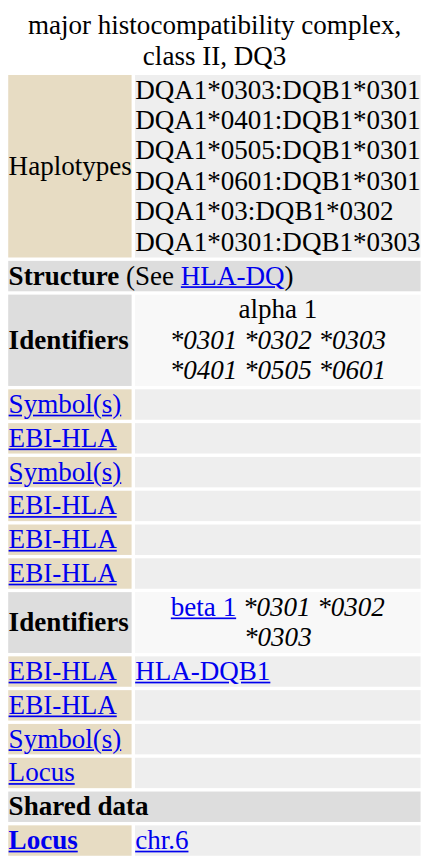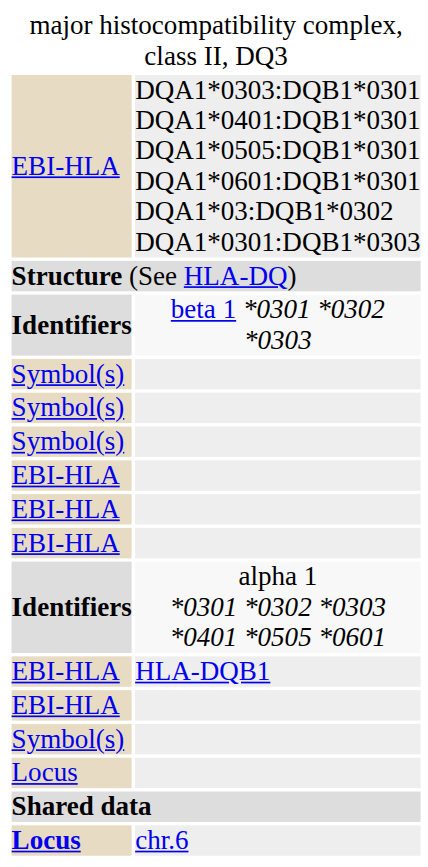 <table id="drugInfoBox" style="float: right; clear: right; margin: 0 0 0.5em 1em; background: #ffffff;" class="toccolours" border=0 cellpadding=0 align=right width="240px">
 <tr>
 <td align="center" colspan="2"></td>
 </tr>
 <tr>
 <td align="center" colspan="2"><div>major histocompatibility complex, class II, DQ3</div></td>
 </tr>
 <tr>
-<td bgcolor="#e7dcc3">Haplotypes</td>
+<td bgcolor="#e7dcc3"><a href='#'>EBI-HLA</a></td>
 <td bgcolor="#eeeeee">DQA1*0303:DQB1*0301 DQA1*0401:DQB1*0301 DQA1*0505:DQB1*0301 DQA1*0601:DQB1*0301 DQA1*03:DQB1*0302 DQA1*0301:DQB1*0303</td>
 </tr>
 <tr>
 <td colspan="2" bgcolor="#dddddd"><strong>Structure</strong> (See <a href='#'>HLA-DQ</a>)</td>
 </tr>
 <tr style="background:#f8f8f8">
 <td bgcolor="#dddddd"><strong>Identifiers</strong></td>
-<td align="center"><div>alpha 1<br><em>*0301</em> <em>*0302</em> <em>*0303</em> <em>*0401</em> <em>*0505</em> <em>*0601</em></div></td>
+<td align="center"><div><a href='#'>beta 1</a> <em>*0301</em> <em>*0302</em> <em>*0303</em></div></td>
 </tr>
 <tr>
 <td bgcolor="#e7dcc3"><a href='#'>Symbol(s)</a></td>
 <td bgcolor="#eeeeee"></td>
 </tr>
 <tr>
-<td bgcolor="#e7dcc3"><a href='#'>EBI-HLA</a></td>
+<td bgcolor="#e7dcc3"><a href='#'>Symbol(s)</a></td>
 <td bgcolor="#eeeeee"></td>
 </tr>
 <tr>
 <td bgcolor="#e7dcc3"><a href='#'>Symbol(s)</a></td>
 <td bgcolor="#eeeeee"></td>
 </tr>
 <tr>
 <td bgcolor="#e7dcc3"><a href='#'>EBI-HLA</a></td>
 <td bgcolor="#eeeeee"></td>
 </tr>
 <tr>
 <td bgcolor="#e7dcc3"><a href='#'>EBI-HLA</a></td>
 <td bgcolor="#eeeeee"></td>
 </tr>
 <tr>
 <td bgcolor="#e7dcc3"><a href='#'>EBI-HLA</a></td>
 <td bgcolor="#eeeeee"></td>
 </tr>
 <tr style="background:#f8f8f8">
 <td bgcolor="#dddddd"><strong>Identifiers</strong></td>
-<td align="center"><div><a href='#'>beta 1</a> <em>*0301</em> <em>*0302</em> <em>*0303</em></div></td>
+<td align="center"><div>alpha 1<br><em>*0301</em> <em>*0302</em> <em>*0303</em> <em>*0401</em> <em>*0505</em> <em>*0601</em></div></td>
 </tr>
 <tr>
 <td bgcolor="#e7dcc3"><a href='#'>EBI-HLA</a></td>
 <td bgcolor="#eeeeee"><a href='#'>HLA-DQB1</a></td>
 </tr>
 <tr>
 <td bgcolor="#e7dcc3"><a href='#'>EBI-HLA</a></td>
 <td bgcolor="#eeeeee"></td>
 </tr>
 <tr>
 <td bgcolor="#e7dcc3"><a href='#'>Symbol(s)</a></td>
 <td bgcolor="#eeeeee"></td>
 </tr>
 <tr>
 <td bgcolor="#e7dcc3"><a href='#'>Locus</a></td>
 <td bgcolor="#eeeeee"></td>
 </tr>
 <tr>
 <td colspan="2" bgcolor="#dddddd"><strong>Shared data</strong></td>
 </tr>
 <tr>
 <td bgcolor="#e7dcc3"><strong><a href='#'>Locus</a></strong></td>
 <td bgcolor="#eeeeee"><a href='#'>chr.6</a> <em></em></td>
 </tr>
 <tr>
 </tr>
 </table>
